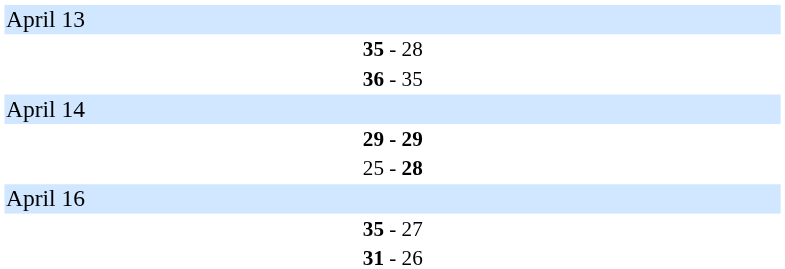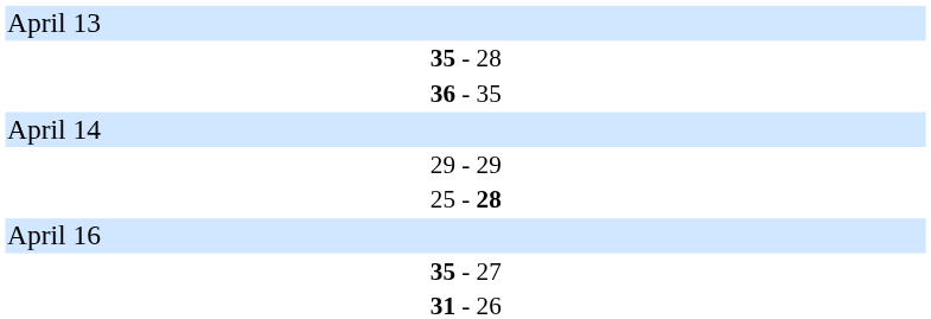 <table width=60% cellspacing=1>
 <tr>
 <th width=23%></th>
 <th width=10%></th>
 <th width=23%></th>
 </tr>
 <tr align="left" bgcolor=#D0E7FF>
 <td colspan=4>April 13</td>
 </tr>
 <tr style=font-size:90% valign="top">
 <td align=right><strong></strong></td>
 <td align=center><strong>35</strong> - 28</td>
 <td></td>
 </tr>
 <tr style=font-size:90% valign="top">
 <td align=right><strong></strong></td>
 <td align=center><strong>36</strong> - 35</td>
 <td></td>
 </tr>
 <tr align="left" bgcolor=#D0E7FF>
 <td colspan=4>April 14</td>
 </tr>
 <tr style=font-size:90% valign="top">
 <td align=right></td>
-<td align=center><strong>29 - 29</strong></td>
+<td align=center>29 - 29</td>
 <td></td>
 </tr>
 <tr style=font-size:90% valign="top">
 <td align=right></td>
 <td align=center>25 - <strong>28</strong></td>
 <td><strong></strong></td>
 </tr>
 <tr align="left" bgcolor=#D0E7FF>
 <td colspan=4>April 16</td>
 </tr>
 <tr style=font-size:90% valign="top">
 <td align=right><strong></strong></td>
 <td align=center><strong>35</strong> - 27</td>
 <td></td>
 </tr>
 <tr style=font-size:90% valign="top">
 <td align=right><strong></strong></td>
 <td align=center><strong>31</strong> - 26</td>
 <td></td>
 </tr>
 </table>
